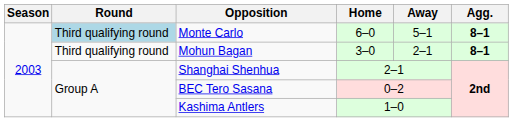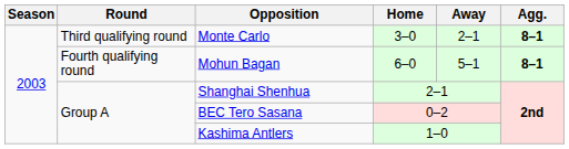 <table class="wikitable" style="text-align:left">
 <tr>
 <th>Season</th>
 <th width="160">Round</th>
 <th width="210">Opposition</th>
 <th width="70">Home</th>
 <th width="70">Away</th>
 <th width="70">Agg.</th>
 </tr>
 <tr>
 <td rowspan="5" style="text-align:center;"><a href='#'>2003</a></td>
-<td style="background: lightblue;">Third qualifying round</td>
+<td>Third qualifying round</td>
 <td> <a href='#'>Monte Carlo</a></td>
-<td style="text-align:center; background:#DDFFDD;">6–0</td>
-<td style="text-align:center; background:#DDFFDD;">5–1</td>
+<td style="text-align:center; background:#DDFFDD;">3–0</td>
+<td style="text-align:center; background:#DDFFDD;">2–1</td>
 <td style="text-align:center; background:#DDFFDD;"><strong>8–1</strong></td>
 </tr>
 <tr>
-<td>Third qualifying round</td>
+<td>Fourth qualifying round</td>
 <td> <a href='#'>Mohun Bagan</a></td>
-<td style="text-align:center; background:#DDFFDD;">3–0</td>
-<td style="text-align:center; background:#DDFFDD;">2–1</td>
+<td style="text-align:center; background:#DDFFDD;">6–0</td>
+<td style="text-align:center; background:#DDFFDD;">5–1</td>
 <td style="text-align:center; background:#DDFFDD;"><strong>8–1</strong></td>
 </tr>
 <tr>
 <td rowspan="3">Group A</td>
 <td> <a href='#'>Shanghai Shenhua</a></td>
 <td colspan="2" style="text-align:center; background:#DDFFDD;">2–1</td>
 <td rowspan="3" style="text-align:center; background:#FFDDDD;"><strong>2nd</strong></td>
 </tr>
 <tr>
 <td> <a href='#'>BEC Tero Sasana</a></td>
 <td colspan="2" style="text-align:center; background:#FFDDDD;">0–2</td>
 </tr>
 <tr>
 <td> <a href='#'>Kashima Antlers</a></td>
 <td colspan="2" style="text-align:center; background:#DDFFDD;">1–0</td>
 </tr>
 </table>
